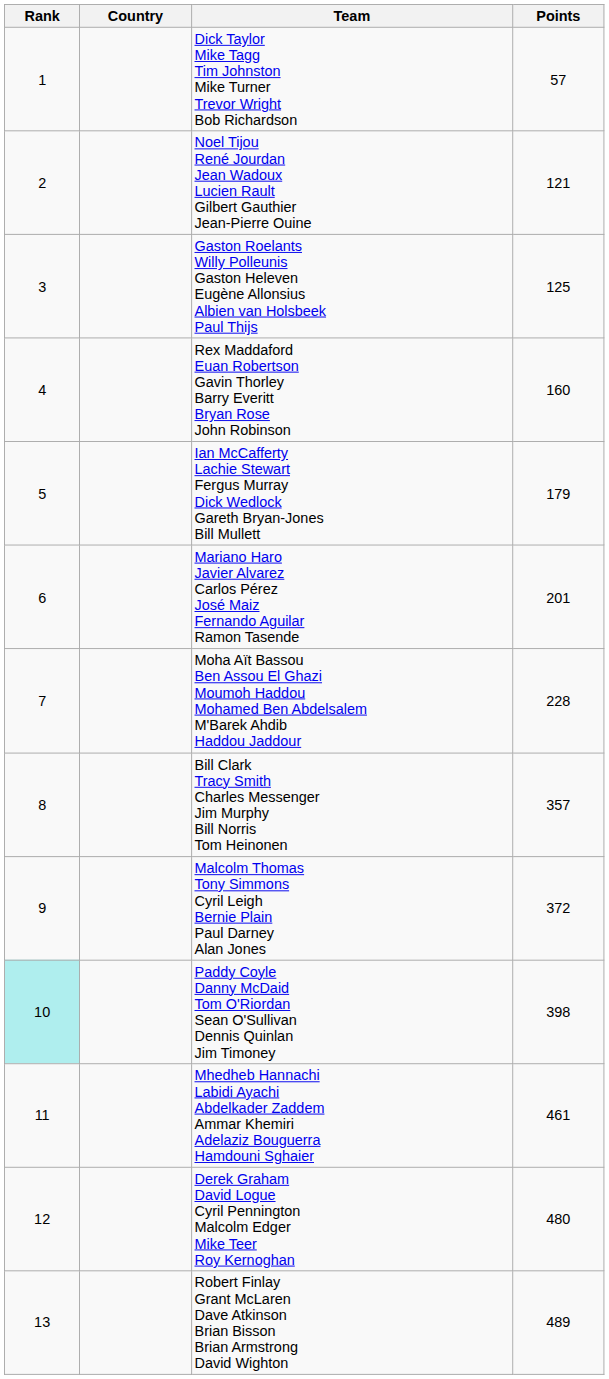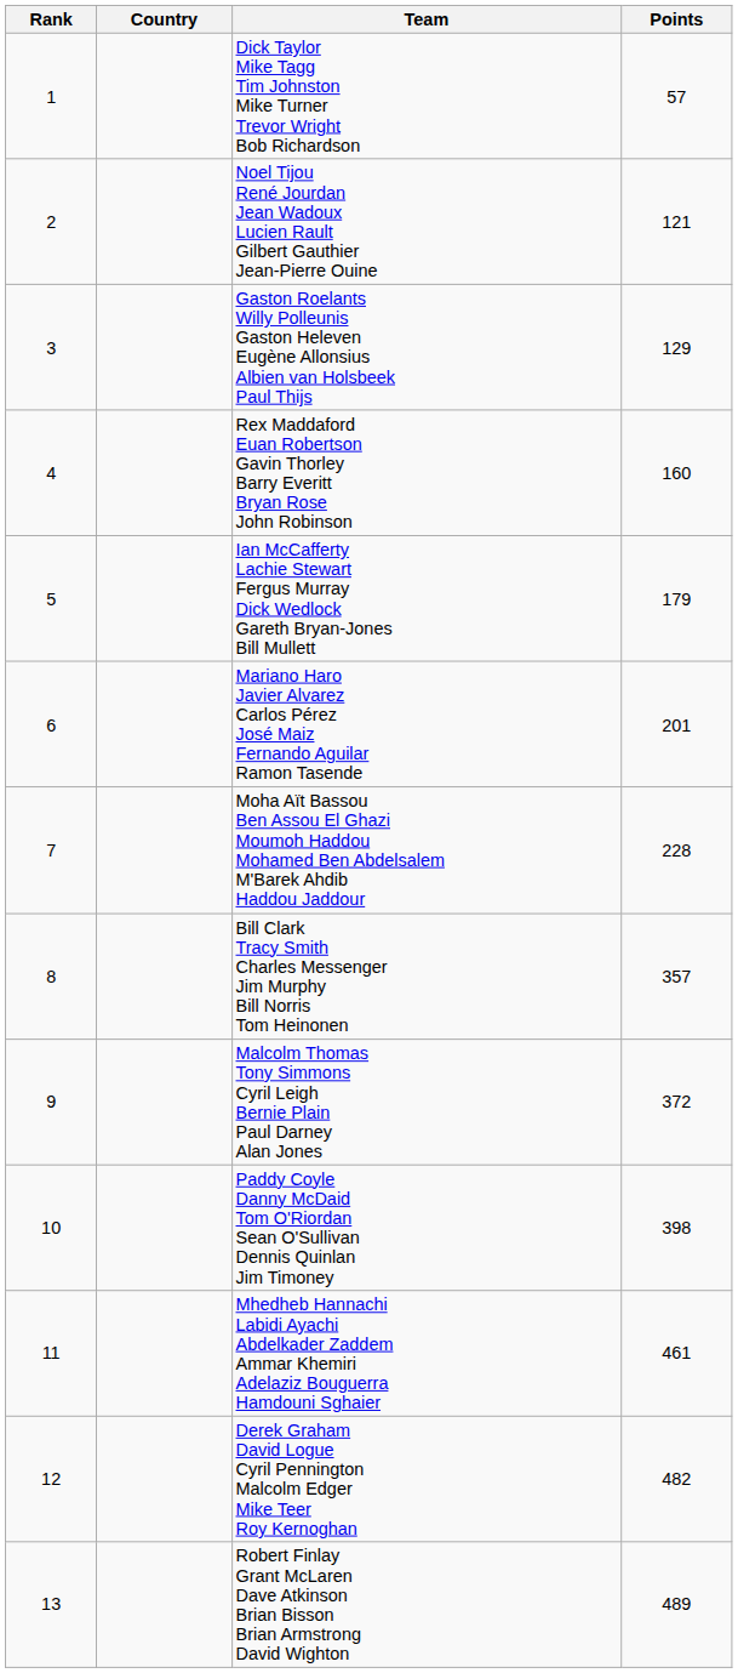 <table class="wikitable sortable" style=" text-align:center; font-size:95%;" width="50%">
 <tr>
 <th>Rank</th>
 <th>Country</th>
 <th>Team</th>
 <th>Points</th>
 </tr>
 <tr>
 <td align=center>1</td>
 <td align=left></td>
 <td align=left><a href='#'>Dick Taylor</a><br><a href='#'>Mike Tagg</a><br><a href='#'>Tim Johnston</a><br>Mike Turner<br><a href='#'>Trevor Wright</a><br>Bob Richardson</td>
 <td>57</td>
 </tr>
 <tr>
 <td align=center>2</td>
 <td align=left></td>
 <td align=left><a href='#'>Noel Tijou</a><br><a href='#'>René Jourdan</a><br><a href='#'>Jean Wadoux</a><br><a href='#'>Lucien Rault</a><br>Gilbert Gauthier<br>Jean-Pierre Ouine</td>
 <td>121</td>
 </tr>
 <tr>
 <td align=center>3</td>
 <td align=left></td>
 <td align=left><a href='#'>Gaston Roelants</a><br><a href='#'>Willy Polleunis</a><br>Gaston Heleven<br>Eugène Allonsius<br><a href='#'>Albien van Holsbeek</a><br><a href='#'>Paul Thijs</a></td>
-<td>125</td>
+<td>129</td>
 </tr>
 <tr>
 <td align=center>4</td>
 <td align=left></td>
 <td align=left>Rex Maddaford<br><a href='#'>Euan Robertson</a><br>Gavin Thorley<br>Barry Everitt<br><a href='#'>Bryan Rose</a><br>John Robinson</td>
 <td>160</td>
 </tr>
 <tr>
 <td align=center>5</td>
 <td align=left></td>
 <td align=left><a href='#'>Ian McCafferty</a><br><a href='#'>Lachie Stewart</a><br>Fergus Murray<br><a href='#'>Dick Wedlock</a><br>Gareth Bryan-Jones<br>Bill Mullett</td>
 <td>179</td>
 </tr>
 <tr>
 <td align=center>6</td>
 <td align=left></td>
 <td align=left><a href='#'>Mariano Haro</a><br><a href='#'>Javier Alvarez</a><br>Carlos Pérez<br><a href='#'>José Maiz</a><br><a href='#'>Fernando Aguilar</a><br>Ramon Tasende</td>
 <td>201</td>
 </tr>
 <tr>
 <td align=center>7</td>
 <td align=left></td>
 <td align=left>Moha Aït Bassou<br><a href='#'>Ben Assou El Ghazi</a><br><a href='#'>Moumoh Haddou</a><br><a href='#'>Mohamed Ben Abdelsalem</a><br>M'Barek Ahdib<br><a href='#'>Haddou Jaddour</a></td>
 <td>228</td>
 </tr>
 <tr>
 <td align=center>8</td>
 <td align=left></td>
 <td align=left>Bill Clark<br><a href='#'>Tracy Smith</a><br>Charles Messenger<br>Jim Murphy<br>Bill Norris<br>Tom Heinonen</td>
 <td>357</td>
 </tr>
 <tr>
 <td align=center>9</td>
 <td align=left></td>
 <td align=left><a href='#'>Malcolm Thomas</a><br><a href='#'>Tony Simmons</a><br>Cyril Leigh<br><a href='#'>Bernie Plain</a><br>Paul Darney<br>Alan Jones</td>
 <td>372</td>
 </tr>
 <tr>
-<td align=center style="background: paleturquoise;">10</td>
+<td align=center>10</td>
 <td align=left></td>
 <td align=left><a href='#'>Paddy Coyle</a><br><a href='#'>Danny McDaid</a><br><a href='#'>Tom O'Riordan</a><br>Sean O'Sullivan<br>Dennis Quinlan<br>Jim Timoney</td>
 <td>398</td>
 </tr>
 <tr>
 <td align=center>11</td>
 <td align=left></td>
 <td align=left><a href='#'>Mhedheb Hannachi</a><br><a href='#'>Labidi Ayachi</a><br><a href='#'>Abdelkader Zaddem</a><br>Ammar Khemiri<br><a href='#'>Adelaziz Bouguerra</a><br><a href='#'>Hamdouni Sghaier</a></td>
 <td>461</td>
 </tr>
 <tr>
 <td align=center>12</td>
 <td align=left></td>
 <td align=left><a href='#'>Derek Graham</a><br><a href='#'>David Logue</a><br>Cyril Pennington<br>Malcolm Edger<br><a href='#'>Mike Teer</a><br><a href='#'>Roy Kernoghan</a></td>
-<td>480</td>
+<td>482</td>
 </tr>
 <tr>
 <td align=center>13</td>
 <td align=left></td>
 <td align=left>Robert Finlay<br>Grant McLaren<br>Dave Atkinson<br>Brian Bisson<br>Brian Armstrong<br>David Wighton</td>
 <td>489</td>
 </tr>
 </table>
